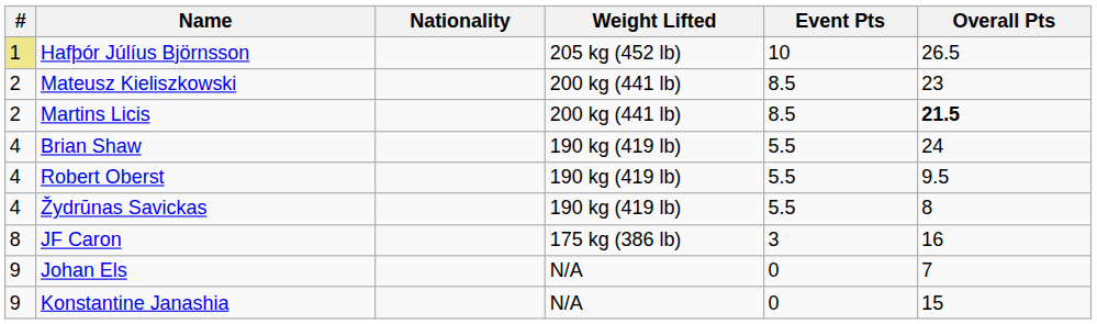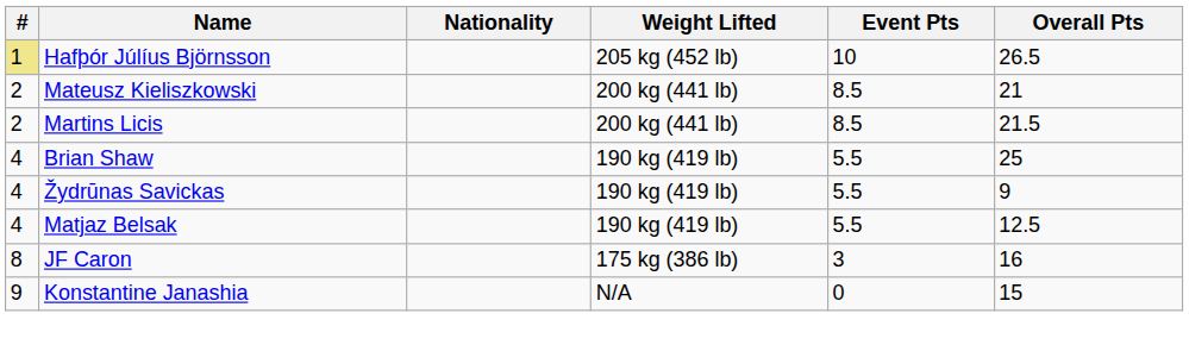 <table class="wikitable sortable" style="display: inline-table;width: 100%;">
 <tr>
 <th>#</th>
 <th>Name</th>
 <th>Nationality</th>
 <th>Weight Lifted</th>
 <th>Event Pts</th>
 <th>Overall Pts</th>
 </tr>
 <tr>
 <td style="background: khaki;">1</td>
 <td><a href='#'>Hafþór Júlíus Björnsson</a></td>
 <td></td>
 <td>205 kg (452 lb)</td>
 <td>10</td>
 <td>26.5</td>
 </tr>
 <tr>
 <td>2</td>
 <td><a href='#'>Mateusz Kieliszkowski</a></td>
 <td></td>
 <td>200 kg (441 lb)</td>
 <td>8.5</td>
-<td>23</td>
+<td>21</td>
 </tr>
 <tr>
 <td>2</td>
 <td><a href='#'>Martins Licis</a></td>
 <td></td>
 <td>200 kg (441 lb)</td>
 <td>8.5</td>
-<td><strong>21.5</strong></td>
+<td>21.5</td>
 </tr>
 <tr>
 <td>4</td>
 <td><a href='#'>Brian Shaw</a></td>
 <td></td>
 <td>190 kg (419 lb)</td>
 <td>5.5</td>
-<td>24</td>
-</tr>
-<tr>
-<td>4</td>
-<td><a href='#'>Robert Oberst</a></td>
-<td></td>
-<td>190 kg (419 lb)</td>
-<td>5.5</td>
-<td>9.5</td>
+<td>25</td>
 </tr>
 <tr>
 <td>4</td>
 <td><a href='#'>Žydrūnas Savickas</a></td>
 <td></td>
 <td>190 kg (419 lb)</td>
 <td>5.5</td>
-<td>8</td>
+<td>9</td>
+</tr>
+<tr>
+<td>4</td>
+<td><a href='#'>Matjaz Belsak</a></td>
+<td></td>
+<td>190 kg (419 lb)</td>
+<td>5.5</td>
+<td>12.5</td>
 </tr>
 <tr>
 <td>8</td>
 <td><a href='#'>JF Caron</a></td>
 <td></td>
 <td>175 kg (386 lb)</td>
 <td>3</td>
 <td>16</td>
 </tr>
 <tr>
 <td>9</td>
-<td><a href='#'>Johan Els</a></td>
-<td></td>
-<td>N/A</td>
-<td>0</td>
-<td>7</td>
-</tr>
-<tr>
-<td>9</td>
 <td><a href='#'>Konstantine Janashia</a></td>
 <td></td>
 <td>N/A</td>
 <td>0</td>
 <td>15</td>
 </tr>
 </table>
